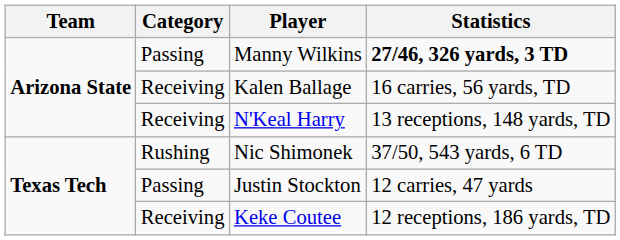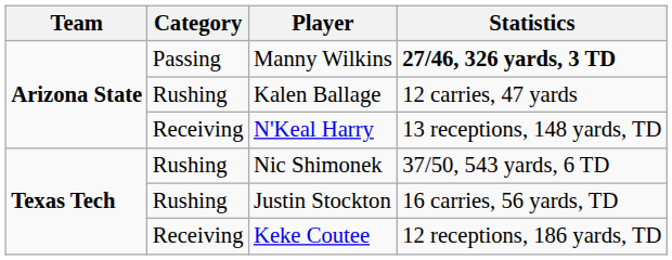 <table class="wikitable" style="float: right;">
 <tr>
 <th>Team</th>
 <th>Category</th>
 <th>Player</th>
 <th>Statistics</th>
 </tr>
 <tr>
 <td rowspan=3><strong>Arizona State</strong></td>
 <td>Passing</td>
 <td>Manny Wilkins</td>
 <td><strong>27/46, 326 yards, 3 TD</strong></td>
 </tr>
 <tr>
-<td>Receiving</td>
+<td>Rushing</td>
 <td>Kalen Ballage</td>
-<td>16 carries, 56 yards, TD</td>
+<td>12 carries, 47 yards</td>
 </tr>
 <tr>
 <td>Receiving</td>
 <td><a href='#'>N'Keal Harry</a></td>
 <td>13 receptions, 148 yards, TD</td>
 </tr>
 <tr>
 <td rowspan=3><strong>Texas Tech</strong></td>
 <td>Rushing</td>
 <td>Nic Shimonek</td>
 <td>37/50, 543 yards, 6 TD</td>
 </tr>
 <tr>
-<td>Passing</td>
+<td>Rushing</td>
 <td>Justin Stockton</td>
-<td>12 carries, 47 yards</td>
+<td>16 carries, 56 yards, TD</td>
 </tr>
 <tr>
 <td>Receiving</td>
 <td><a href='#'>Keke Coutee</a></td>
 <td>12 receptions, 186 yards, TD</td>
 </tr>
 </table>
